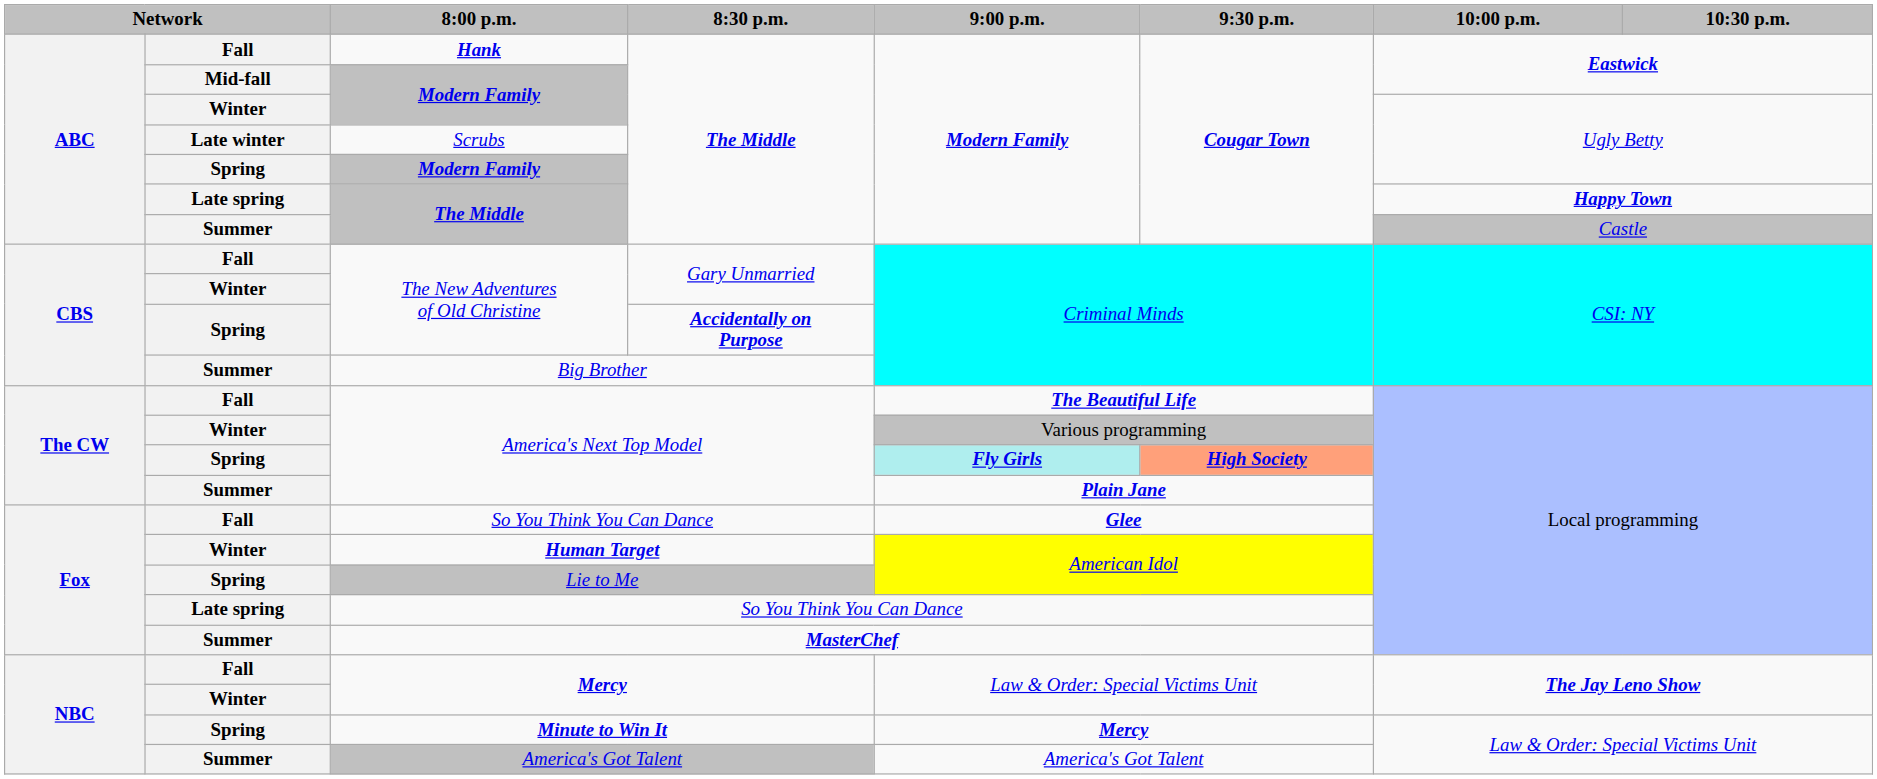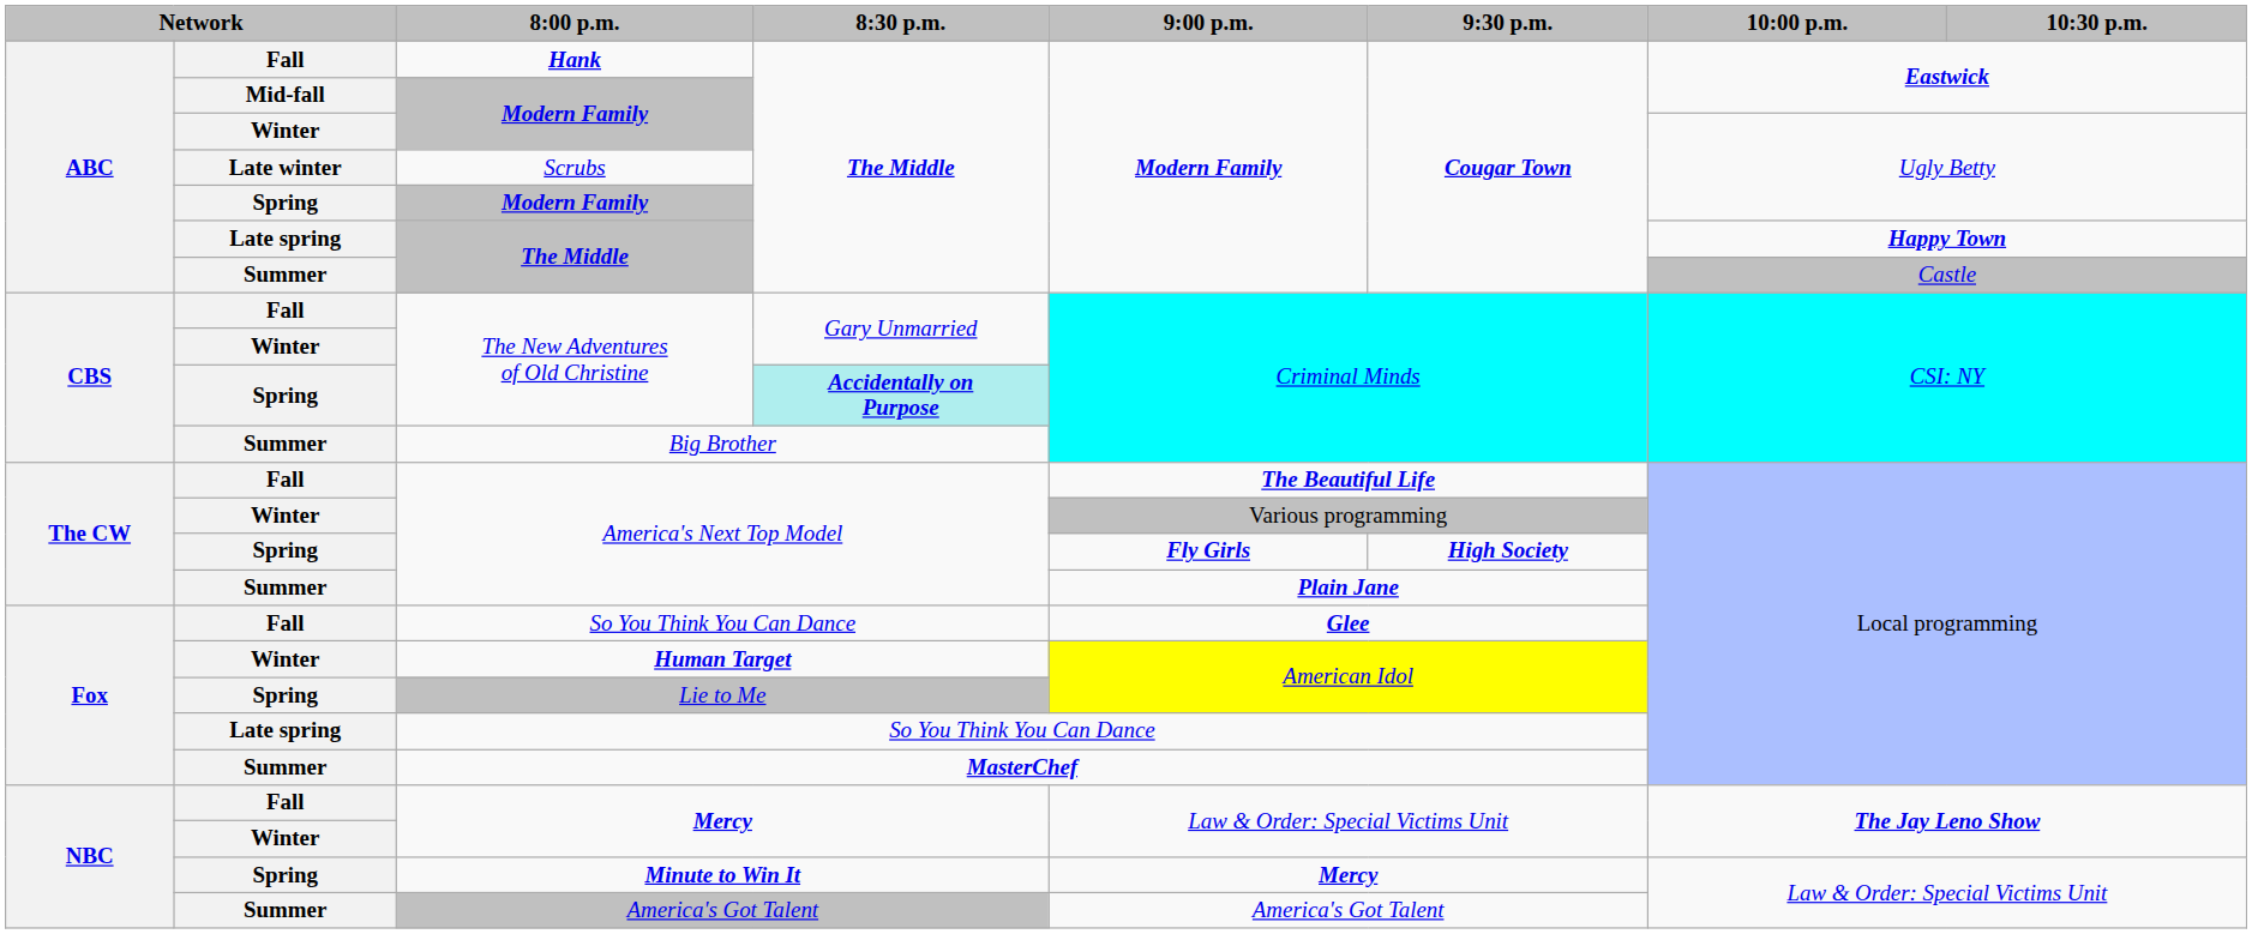 <table class="wikitable" style="width:100%;margin-right:0;text-align:center">
 <tr>
 <th colspan="2" style="background-color:#C0C0C0;text-align:center">Network</th>
 <th style="background-color:#C0C0C0;text-align:center">8:00 p.m.</th>
 <th style="background-color:#C0C0C0;text-align:center">8:30 p.m.</th>
 <th style="background-color:#C0C0C0;text-align:center">9:00 p.m.</th>
 <th style="background-color:#C0C0C0;text-align:center">9:30 p.m.</th>
 <th style="background-color:#C0C0C0;text-align:center">10:00 p.m.</th>
 <th style="background-color:#C0C0C0;text-align:center">10:30 p.m.</th>
 </tr>
 <tr>
 <th rowspan="7"><a href='#'>ABC</a></th>
 <th>Fall</th>
 <td><strong><em><a href='#'>Hank</a></em></strong></td>
 <td rowspan="7"><strong><em><a href='#'>The Middle</a></em></strong></td>
 <td rowspan="7"><strong><em><a href='#'>Modern Family</a></em></strong></td>
 <td rowspan="7"><strong><em><a href='#'>Cougar Town</a></em></strong></td>
 <td colspan="2" rowspan="2"><strong><em><a href='#'>Eastwick</a></em></strong></td>
 </tr>
 <tr>
 <th>Mid-fall</th>
 <td style="background:#C0C0C0;" rowspan="2"><strong><em><a href='#'>Modern Family</a></em></strong> </td>
 </tr>
 <tr>
 <th>Winter</th>
 <td colspan="2" rowspan="3"><em><a href='#'>Ugly Betty</a></em></td>
 </tr>
 <tr>
 <th>Late winter</th>
 <td><em><a href='#'>Scrubs</a></em></td>
 </tr>
 <tr>
 <th>Spring</th>
 <td style="background:#C0C0C0;"><strong><em><a href='#'>Modern Family</a></em></strong> </td>
 </tr>
 <tr>
 <th>Late spring</th>
 <td style="background:#C0C0C0;" rowspan="2"><strong><em><a href='#'>The Middle</a></em></strong> </td>
 <td colspan="2"><strong><em><a href='#'>Happy Town</a></em></strong></td>
 </tr>
 <tr>
 <th>Summer</th>
 <td colspan="2" style="background:#C0C0C0;"><em><a href='#'>Castle</a></em> </td>
 </tr>
 <tr>
 <th rowspan="4"><a href='#'>CBS</a></th>
 <th>Fall</th>
 <td rowspan="3"><em><a href='#'>The New Adventures<br>of Old Christine</a></em></td>
 <td rowspan="2"><em><a href='#'>Gary Unmarried</a></em></td>
 <td style="background:cyan;" colspan="2" rowspan="4"><em><a href='#'>Criminal Minds</a></em> </td>
 <td style="background:cyan;" colspan="2" rowspan="4"><em><a href='#'>CSI: NY</a></em> </td>
 </tr>
 <tr>
 <th>Winter</th>
 </tr>
 <tr>
 <th>Spring</th>
-<td><strong><em><a href='#'>Accidentally on<br>Purpose</a></em></strong></td>
+<td style="background: paleturquoise;"><strong><em><a href='#'>Accidentally on<br>Purpose</a></em></strong></td>
 </tr>
 <tr>
 <th>Summer</th>
 <td colspan="2"><em><a href='#'>Big Brother</a></em></td>
 </tr>
 <tr>
 <th rowspan="4"><a href='#'>The CW</a></th>
 <th>Fall</th>
 <td colspan="2" rowspan="4"><em><a href='#'>America's Next Top Model</a></em></td>
 <td colspan="2"><strong><em><a href='#'>The Beautiful Life</a></em></strong></td>
 <td style="background:#abbfff;" colspan="2" rowspan="9">Local programming</td>
 </tr>
 <tr>
 <th>Winter</th>
 <td style="background:#C0C0C0;" colspan="2">Various programming</td>
 </tr>
 <tr>
 <th>Spring</th>
-<td style="background: paleturquoise;"><strong><em><a href='#'>Fly Girls</a></em></strong></td>
-<td style="background: lightsalmon;"><strong><em><a href='#'>High Society</a></em></strong></td>
+<td><strong><em><a href='#'>Fly Girls</a></em></strong></td>
+<td><strong><em><a href='#'>High Society</a></em></strong></td>
 </tr>
 <tr>
 <th>Summer</th>
 <td colspan="2"><strong><em><a href='#'>Plain Jane</a></em></strong></td>
 </tr>
 <tr>
 <th rowspan="5"><a href='#'>Fox</a></th>
 <th>Fall</th>
 <td colspan="2"><em><a href='#'>So You Think You Can Dance</a></em></td>
 <td colspan="2"><strong><em><a href='#'>Glee</a></em></strong></td>
 </tr>
 <tr>
 <th>Winter</th>
 <td colspan="2"><strong><em><a href='#'>Human Target</a></em></strong></td>
 <td style="background:yellow;" colspan="2" rowspan="2"><em><a href='#'>American Idol</a></em> </td>
 </tr>
 <tr>
 <th>Spring</th>
 <td colspan="2" style="background:#C0C0C0;"><em><a href='#'>Lie to Me</a></em> </td>
 </tr>
 <tr>
 <th>Late spring</th>
 <td colspan="4"><em><a href='#'>So You Think You Can Dance</a></em></td>
 </tr>
 <tr>
 <th>Summer</th>
 <td colspan="4"><strong><em><a href='#'>MasterChef</a></em></strong></td>
 </tr>
 <tr>
 <th rowspan="4"><a href='#'>NBC</a></th>
 <th>Fall</th>
 <td colspan="2" rowspan="2"><strong><em><a href='#'>Mercy</a></em></strong></td>
 <td colspan="2" rowspan="2"><em><a href='#'>Law & Order: Special Victims Unit</a></em></td>
 <td colspan="2" rowspan="2"><strong><em><a href='#'>The Jay Leno Show</a></em></strong></td>
 </tr>
 <tr>
 <th>Winter</th>
 </tr>
 <tr>
 <th>Spring</th>
 <td colspan="2"><strong><em><a href='#'>Minute to Win It</a></em></strong></td>
 <td colspan="2"><strong><em><a href='#'>Mercy</a></em></strong></td>
 <td colspan="2" rowspan="2"><em><a href='#'>Law & Order: Special Victims Unit</a></em></td>
 </tr>
 <tr>
 <th>Summer</th>
 <td colspan="2" style="background:#C0C0C0;"><em><a href='#'>America's Got Talent</a></em> </td>
 <td colspan="2"><em><a href='#'>America's Got Talent</a></em></td>
 </tr>
 </table>
